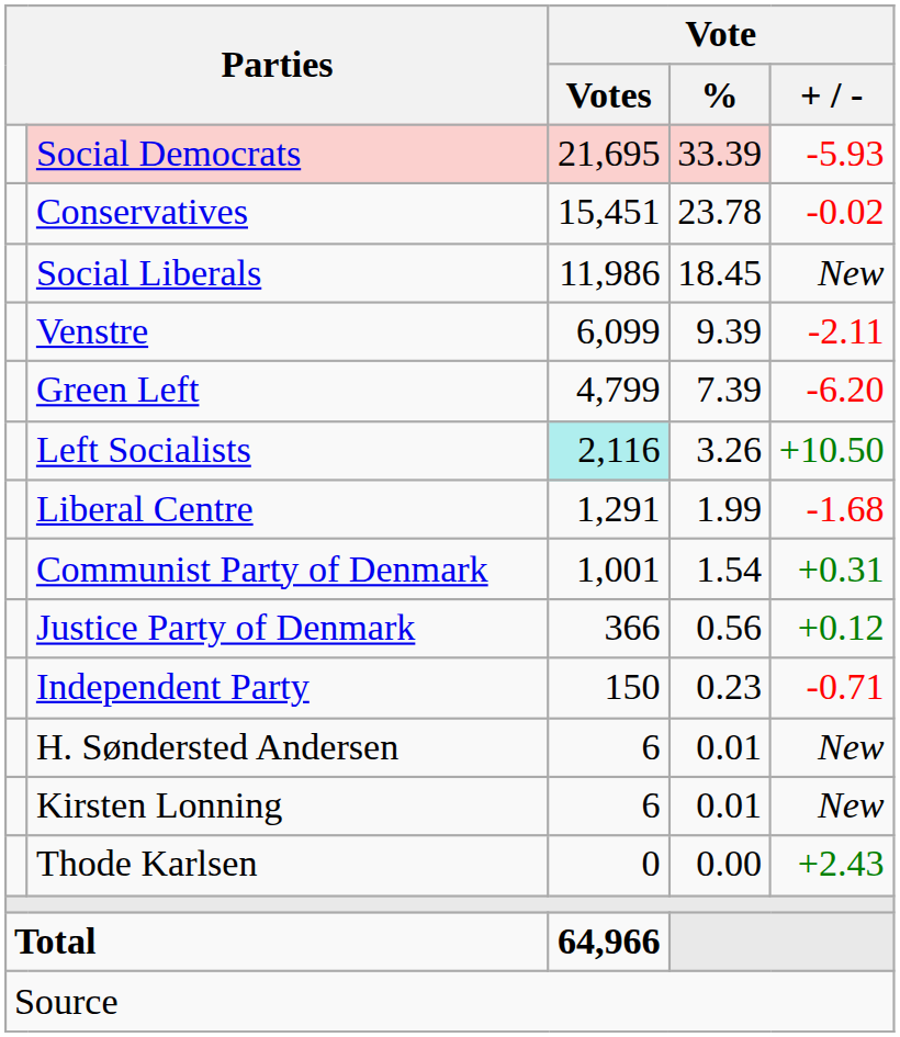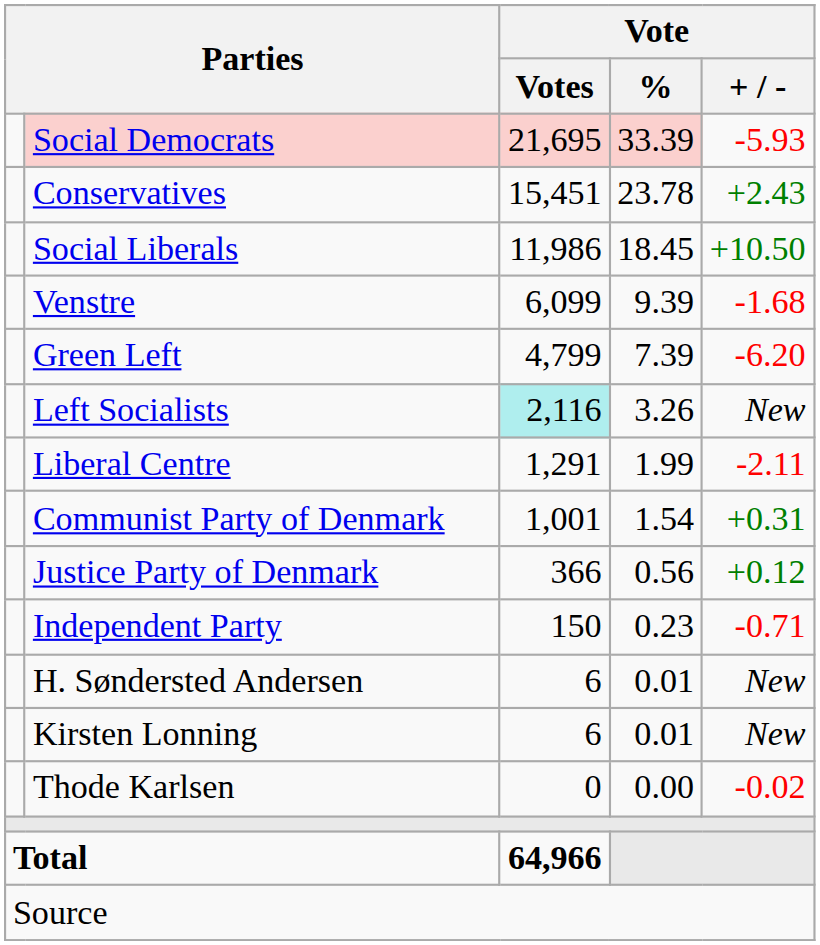 <table class="wikitable" style="text-align:right;">
 <tr>
 <th style="text-align:centre;" rowspan="2" colspan="2" width="225">Parties</th>
 <th colspan="3">Vote</th>
 </tr>
 <tr>
 <th width="15">Votes</th>
 <th width="15">%</th>
 <th width="15">+ / -</th>
 </tr>
 <tr>
 <td width="2" style="color:inherit;background:"></td>
 <td bgcolor=#fbd0ce  align="left"><a href='#'>Social Democrats</a></td>
 <td bgcolor=#fbd0ce>21,695</td>
 <td bgcolor=#fbd0ce>33.39</td>
 <td style=color:red;>-5.93</td>
 </tr>
 <tr>
 <td width="2" style="color:inherit;background:"></td>
 <td align="left"><a href='#'>Conservatives</a></td>
 <td>15,451</td>
 <td>23.78</td>
-<td style=color:red;>-0.02</td>
+<td style=color:green;>+2.43</td>
 </tr>
 <tr>
 <td width="2" style="color:inherit;background:"></td>
 <td align="left"><a href='#'>Social Liberals</a></td>
 <td>11,986</td>
 <td>18.45</td>
-<td><em>New</em></td>
+<td style=color:green;>+10.50</td>
 </tr>
 <tr>
 <td width="2" style="color:inherit;background:"></td>
 <td align="left"><a href='#'>Venstre</a></td>
 <td>6,099</td>
 <td>9.39</td>
-<td style=color:red;>-2.11</td>
+<td style=color:red;>-1.68</td>
 </tr>
 <tr>
 <td width="2" style="color:inherit;background:"></td>
 <td align="left"><a href='#'>Green Left</a></td>
 <td>4,799</td>
 <td>7.39</td>
 <td style=color:red;>-6.20</td>
 </tr>
 <tr>
 <td width="2" style="color:inherit;background:"></td>
 <td align="left"><a href='#'>Left Socialists</a></td>
 <td style="background: paleturquoise;">2,116</td>
 <td>3.26</td>
-<td style=color:green;>+10.50</td>
+<td><em>New</em></td>
 </tr>
 <tr>
 <td width="2" style="color:inherit;background:"></td>
 <td align="left"><a href='#'>Liberal Centre</a></td>
 <td>1,291</td>
 <td>1.99</td>
-<td style=color:red;>-1.68</td>
+<td style=color:red;>-2.11</td>
 </tr>
 <tr>
 <td width="2" style="color:inherit;background:"></td>
 <td align="left"><a href='#'>Communist Party of Denmark</a></td>
 <td>1,001</td>
 <td>1.54</td>
 <td style=color:green;>+0.31</td>
 </tr>
 <tr>
 <td width="2" style="color:inherit;background:"></td>
 <td align="left"><a href='#'>Justice Party of Denmark</a></td>
 <td>366</td>
 <td>0.56</td>
 <td style=color:green;>+0.12</td>
 </tr>
 <tr>
 <td width="2" style="color:inherit;background:"></td>
 <td align="left"><a href='#'>Independent Party</a></td>
 <td>150</td>
 <td>0.23</td>
 <td style=color:red;>-0.71</td>
 </tr>
 <tr>
 <td width="2" style="color:inherit;background:"></td>
 <td align="left">H. Søndersted Andersen</td>
 <td>6</td>
 <td>0.01</td>
 <td><em>New</em></td>
 </tr>
 <tr>
 <td width="2" style="color:inherit;background:"></td>
 <td align="left">Kirsten Lonning</td>
 <td>6</td>
 <td>0.01</td>
 <td><em>New</em></td>
 </tr>
 <tr>
 <td width="2" style="color:inherit;background:"></td>
 <td align="left">Thode Karlsen</td>
 <td>0</td>
 <td>0.00</td>
-<td style=color:green;>+2.43</td>
+<td style=color:red;>-0.02</td>
 </tr>
 <tr>
 <td colspan="7" bgcolor="#E9E9E9"></td>
 </tr>
 <tr>
 <td align="left" colspan="2"><strong>Total</strong></td>
 <td><strong>64,966</strong></td>
 <td bgcolor="#E9E9E9" colspan="2"></td>
 </tr>
 <tr>
 <td align="left" colspan="6">Source</td>
 </tr>
 </table>
